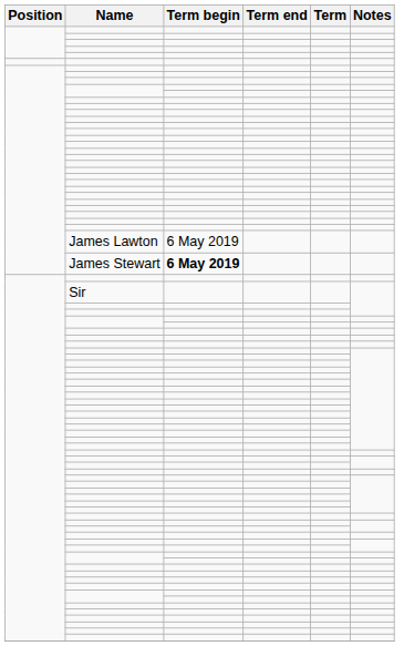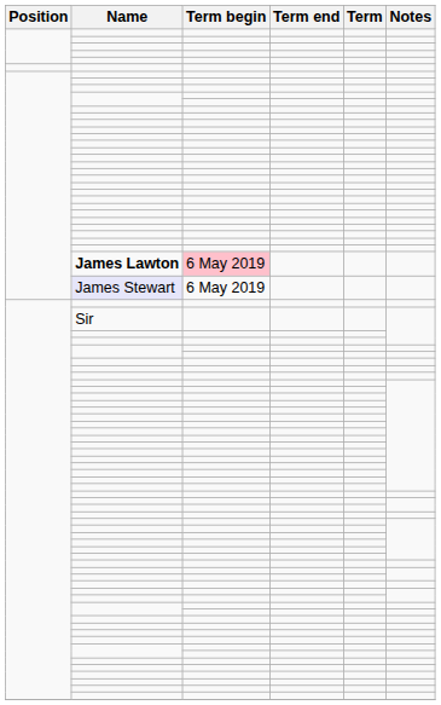 <table class="wikitable sortable" border="1">
 <tr>
 <th>Position</th>
 <th>Name</th>
 <th>Term begin</th>
 <th>Term end</th>
 <th>Term</th>
 <th>Notes</th>
 </tr>
 <tr>
 <td rowspan="5"></td>
 <td> </td>
 <td align="center"></td>
 <td align="center"></td>
 <td align="right"></td>
 <td></td>
 </tr>
 <tr valign="top">
 <td> </td>
 <td align="center"></td>
 <td align="center"></td>
 <td align="right"></td>
 <td></td>
 </tr>
 <tr>
 <td> </td>
 <td align="center"></td>
 <td align="center"></td>
 <td align="right"></td>
 <td></td>
 </tr>
 <tr>
 <td> </td>
 <td align="center"></td>
 <td align="center"></td>
 <td align="right"></td>
 <td></td>
 </tr>
 <tr>
 <td> </td>
 <td align="center"></td>
 <td align="center"></td>
 <td align="right"></td>
 <td></td>
 </tr>
 <tr>
 <td></td>
 <td></td>
 <td align="center"></td>
 <td align="center"></td>
 <td align="right"></td>
 <td></td>
 </tr>
 <tr valign="top">
 <td rowspan="28"> </td>
 <td></td>
 <td align="center"></td>
 <td align="center"></td>
 <td align="right"></td>
 <td></td>
 </tr>
 <tr>
 <td></td>
 <td align="center"></td>
 <td align="center"></td>
 <td align="right"></td>
 <td></td>
 </tr>
 <tr>
 <td> </td>
 <td align="center"></td>
 <td align="center"></td>
 <td align="right"></td>
 <td></td>
 </tr>
 <tr>
 <td rowspan="2"> </td>
 <td align="center"></td>
 <td align="center"></td>
 <td align="right"></td>
 <td></td>
 </tr>
 <tr>
 <td align="center"></td>
 <td align="center"></td>
 <td align="right"></td>
 <td></td>
 </tr>
 <tr>
 <td></td>
 <td align="center"></td>
 <td align="center"></td>
 <td align="right"></td>
 <td></td>
 </tr>
 <tr>
 <td></td>
 <td align="center"></td>
 <td align="center"></td>
 <td align="right"></td>
 <td></td>
 </tr>
 <tr>
 <td></td>
 <td align="center"></td>
 <td align="center"></td>
 <td align="right"></td>
 <td></td>
 </tr>
 <tr>
 <td> </td>
 <td align="center"></td>
 <td align="center"></td>
 <td align="right"></td>
 <td></td>
 </tr>
 <tr>
 <td> </td>
 <td align="center"></td>
 <td align="center"></td>
 <td align="right"></td>
 <td></td>
 </tr>
 <tr>
 <td></td>
 <td align="center"></td>
 <td align="center"></td>
 <td align="right"></td>
 <td></td>
 </tr>
 <tr>
 <td></td>
 <td align="center"></td>
 <td align="center"></td>
 <td align="right"></td>
 <td></td>
 </tr>
 <tr>
 <td></td>
 <td align="center"></td>
 <td align="center"></td>
 <td align="right"></td>
 <td></td>
 </tr>
 <tr>
 <td> </td>
 <td align="center"></td>
 <td align="center"></td>
 <td align="right"></td>
 <td></td>
 </tr>
 <tr>
 <td></td>
 <td align="center"></td>
 <td align="center"></td>
 <td align="right"></td>
 <td></td>
 </tr>
 <tr>
 <td></td>
 <td align="center"></td>
 <td align="center"></td>
 <td align="right"></td>
 <td></td>
 </tr>
 <tr>
 <td></td>
 <td align="center"></td>
 <td align="center"></td>
 <td align="right"></td>
 <td></td>
 </tr>
 <tr>
 <td></td>
 <td align="center"></td>
 <td align="center"></td>
 <td align="right"></td>
 <td></td>
 </tr>
 <tr>
 <td></td>
 <td align="center"></td>
 <td align="center"></td>
 <td align="right"></td>
 <td></td>
 </tr>
 <tr>
 <td> </td>
 <td align="center"></td>
 <td align="center"></td>
 <td align="right"></td>
 <td></td>
 </tr>
 <tr>
 <td></td>
 <td align="center"></td>
 <td align="center"></td>
 <td align="right"></td>
 <td></td>
 </tr>
 <tr>
 <td></td>
 <td></td>
 <td></td>
 <td></td>
 <td></td>
 </tr>
 <tr>
 <td></td>
 <td></td>
 <td></td>
 <td></td>
 <td></td>
 </tr>
 <tr>
 <td></td>
 <td></td>
 <td></td>
 <td></td>
 <td></td>
 </tr>
 <tr>
 <td></td>
 <td></td>
 <td></td>
 <td></td>
 <td></td>
 </tr>
 <tr>
 <td></td>
 <td></td>
 <td></td>
 <td></td>
 <td></td>
 </tr>
 <tr>
-<td>James Lawton</td>
-<td>6 May 2019</td>
+<td><strong>James Lawton</strong></td>
+<td style="background: pink;">6 May 2019</td>
 <td></td>
 <td></td>
 <td></td>
 </tr>
 <tr>
-<td>James Stewart</td>
-<td><strong>6 May 2019</strong></td>
+<td style="background: lavender;">James Stewart</td>
+<td>6 May 2019</td>
 <td></td>
 <td></td>
 <td></td>
 </tr>
 <tr valign="top">
 <td rowspan="55"></td>
 <td></td>
 <td align="center"></td>
 <td align="center"></td>
 <td align="right"></td>
 <td></td>
 </tr>
 <tr>
 <td>Sir </td>
 <td align="center"></td>
 <td align="center"></td>
 <td align="right"></td>
 </tr>
 <tr>
 <td></td>
 <td align="center"></td>
 <td align="center"></td>
 <td align="right"></td>
 </tr>
 <tr>
 <td></td>
 <td align="center"></td>
 <td align="center"></td>
 <td align="right"></td>
 </tr>
 <tr>
 <td rowspan="2"> </td>
 <td align="center"></td>
 <td align="center"></td>
 <td align="right"></td>
 <td></td>
 </tr>
 <tr>
 <td align="center"></td>
 <td align="center"></td>
 <td align="right"></td>
 </tr>
 <tr>
 <td></td>
 <td align="center"></td>
 <td align="center"></td>
 <td align="right"></td>
 <td></td>
 </tr>
 <tr>
 <td></td>
 <td align="center"></td>
 <td align="center"></td>
 <td align="right"></td>
 </tr>
 <tr>
 <td></td>
 <td align="center"></td>
 <td align="center"></td>
 <td align="right"></td>
 <td></td>
 </tr>
 <tr>
 <td></td>
 <td align="center"></td>
 <td align="center"></td>
 <td align="right"></td>
 </tr>
 <tr>
 <td></td>
 <td align="center"></td>
 <td align="center"></td>
 <td align="right"></td>
 </tr>
 <tr>
 <td></td>
 <td align="center"></td>
 <td align="center"></td>
 <td align="right"></td>
 </tr>
 <tr>
 <td></td>
 <td align="center"></td>
 <td align="center"></td>
 <td align="right"></td>
 </tr>
 <tr>
 <td></td>
 <td align="center"></td>
 <td align="center"></td>
 <td align="right"></td>
 </tr>
 <tr>
 <td></td>
 <td align="center"></td>
 <td align="center"></td>
 <td align="right"></td>
 </tr>
 <tr>
 <td></td>
 <td align="center"></td>
 <td align="center"></td>
 <td align="right"></td>
 </tr>
 <tr>
 <td></td>
 <td align="center"></td>
 <td align="center"></td>
 <td align="right"></td>
 </tr>
 <tr>
 <td></td>
 <td align="center"></td>
 <td align="center"></td>
 <td align="right"></td>
 </tr>
 <tr>
 <td></td>
 <td align="center"></td>
 <td align="center"></td>
 <td align="right"></td>
 </tr>
 <tr valign="top">
 <td></td>
 <td align="center"></td>
 <td align="center"></td>
 <td align="right"></td>
 </tr>
 <tr>
 <td></td>
 <td align="center"></td>
 <td align="center"></td>
 <td align="right"></td>
 </tr>
 <tr>
 <td></td>
 <td align="center"></td>
 <td align="center"></td>
 <td align="right"></td>
 </tr>
 <tr>
 <td></td>
 <td align="center"></td>
 <td align="center"></td>
 <td align="right"></td>
 </tr>
 <tr>
 <td></td>
 <td align="center"></td>
 <td align="center"></td>
 <td align="right"></td>
 </tr>
 <tr>
 <td> </td>
 <td align="center"></td>
 <td align="center"></td>
 <td align="right"></td>
 </tr>
 <tr>
 <td></td>
 <td align="center"></td>
 <td align="center"></td>
 <td align="right"></td>
 <td></td>
 </tr>
 <tr>
 <td></td>
 <td align="center"></td>
 <td align="center"></td>
 <td align="right"></td>
 </tr>
 <tr>
 <td></td>
 <td align="center"></td>
 <td align="center"></td>
 <td align="right"></td>
 </tr>
 <tr>
 <td> </td>
 <td align="center"></td>
 <td align="center"></td>
 <td align="right"></td>
 <td></td>
 </tr>
 <tr>
 <td></td>
 <td align="center"></td>
 <td align="center"></td>
 <td align="right"></td>
 </tr>
 <tr>
 <td></td>
 <td align="center"></td>
 <td align="center"></td>
 <td align="right"></td>
 </tr>
 <tr>
 <td> </td>
 <td align="center"></td>
 <td align="center"></td>
 <td align="right"></td>
 </tr>
 <tr>
 <td></td>
 <td align="center"></td>
 <td align="center"></td>
 <td align="right"></td>
 </tr>
 <tr>
 <td></td>
 <td align="center"></td>
 <td align="center"></td>
 <td align="right"></td>
 </tr>
 <tr>
 <td></td>
 <td align="center"></td>
 <td align="center"></td>
 <td align="right"></td>
 </tr>
 <tr>
 <td></td>
 <td align="center"></td>
 <td align="center"></td>
 <td align="right"></td>
 <td></td>
 </tr>
 <tr>
 <td> </td>
 <td align="center"></td>
 <td align="center"></td>
 <td align="right"></td>
 </tr>
 <tr>
 <td></td>
 <td align="center"></td>
 <td align="center"></td>
 <td align="right"></td>
 </tr>
 <tr>
 <td></td>
 <td align="center"></td>
 <td align="center"></td>
 <td align="right"></td>
 <td></td>
 </tr>
 <tr>
 <td></td>
 <td align="center"></td>
 <td align="center"></td>
 <td align="right"></td>
 </tr>
 <tr>
 <td> </td>
 <td align="center"></td>
 <td align="center"></td>
 <td align="right"></td>
 </tr>
 <tr>
 <td rowspan="2"></td>
 <td align="center"></td>
 <td align="center"></td>
 <td align="right"></td>
 <td></td>
 </tr>
 <tr>
 <td align="center"></td>
 <td align="center"></td>
 <td align="right"></td>
 <td></td>
 </tr>
 <tr>
 <td></td>
 <td align="center"></td>
 <td align="center"></td>
 <td align="right"></td>
 <td></td>
 </tr>
 <tr>
 <td></td>
 <td align="center"></td>
 <td align="center"></td>
 <td align="right"></td>
 <td></td>
 </tr>
 <tr>
 <td></td>
 <td align="center"></td>
 <td align="center"></td>
 <td align="right"></td>
 <td></td>
 </tr>
 <tr>
 <td> </td>
 <td align="center"></td>
 <td align="center"></td>
 <td align="right"></td>
 <td></td>
 </tr>
 <tr>
 <td rowspan="2"></td>
 <td align="center"></td>
 <td align="center"></td>
 <td align="right"></td>
 <td></td>
 </tr>
 <tr>
 <td align="center"></td>
 <td align="center"></td>
 <td align="right"></td>
 <td></td>
 </tr>
 <tr>
 <td></td>
 <td align="center"></td>
 <td align="center"></td>
 <td align="right"></td>
 <td></td>
 </tr>
 <tr>
 <td></td>
 <td align="center"></td>
 <td align="center"></td>
 <td align="right"></td>
 <td></td>
 </tr>
 <tr>
 <td></td>
 <td align="center"></td>
 <td align="center"></td>
 <td align="right"></td>
 <td></td>
 </tr>
 <tr>
 <td> </td>
 <td align="center"></td>
 <td align="center"></td>
 <td align="right"></td>
 <td></td>
 </tr>
 <tr>
 <td></td>
 <td align="center"></td>
 <td align="center"></td>
 <td align="right"></td>
 <td></td>
 </tr>
 <tr>
 <td></td>
 <td align="center"></td>
 <td align="center"></td>
 <td align="right"></td>
 <td></td>
 </tr>
 <tr>
 </tr>
 </table>
